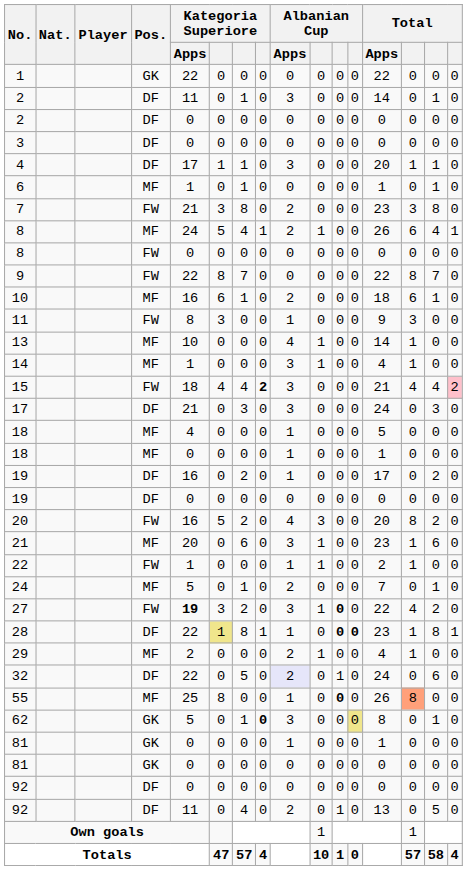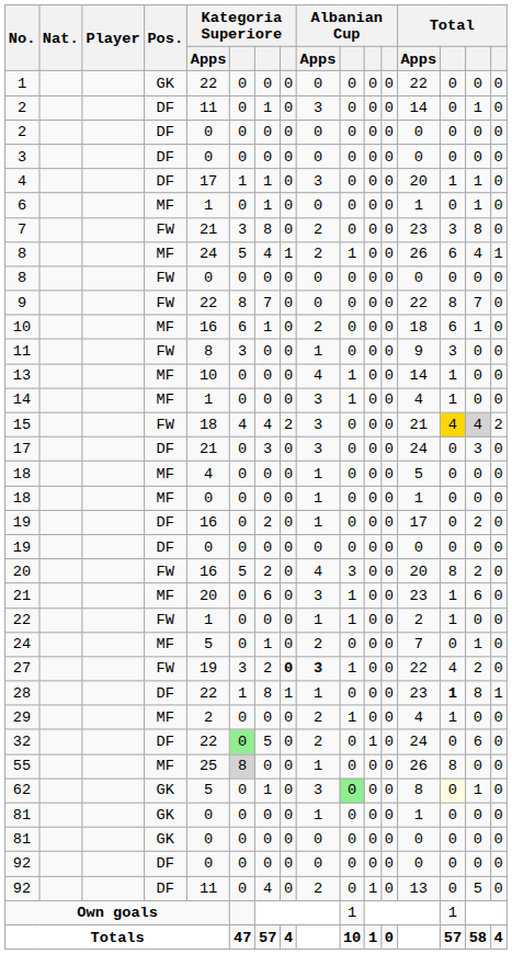 <table class="wikitable sortable alternance" style="text-align:center;width:70%">
 <tr>
 <th rowspan="2" style="width:12px">No.</th>
 <th rowspan="2" style="width:12px">Nat.</th>
 <th rowspan="2" scope="col" style="width:350px">Player</th>
 <th rowspan="2" style="width:12px">Pos.</th>
 <th colspan="4">Kategoria Superiore</th>
 <th colspan="4">Albanian Cup</th>
 <th colspan="4">Total</th>
 </tr>
 <tr style="text-align:center">
 <th width=40>Apps</th>
 <th width=40></th>
 <th width=40></th>
 <th width=40></th>
 <th width=40>Apps</th>
 <th width=40></th>
 <th width=40></th>
 <th width=40></th>
 <th width=40>Apps</th>
 <th width=40></th>
 <th width=40></th>
 <th width=40></th>
 </tr>
 <tr>
 <td>1</td>
 <td></td>
 <td></td>
 <td>GK</td>
 <td>22</td>
 <td>0</td>
 <td>0</td>
 <td>0</td>
 <td>0</td>
 <td>0</td>
 <td>0</td>
 <td>0</td>
 <td>22</td>
 <td>0</td>
 <td>0</td>
 <td>0</td>
 </tr>
 <tr>
 <td>2</td>
 <td></td>
 <td></td>
 <td>DF</td>
 <td>11</td>
 <td>0</td>
 <td>1</td>
 <td>0</td>
 <td>3</td>
 <td>0</td>
 <td>0</td>
 <td>0</td>
 <td>14</td>
 <td>0</td>
 <td>1</td>
 <td>0</td>
 </tr>
 <tr>
 <td>2</td>
 <td></td>
 <td></td>
 <td>DF</td>
 <td>0</td>
 <td>0</td>
 <td>0</td>
 <td>0</td>
 <td>0</td>
 <td>0</td>
 <td>0</td>
 <td>0</td>
 <td>0</td>
 <td>0</td>
 <td>0</td>
 <td>0</td>
 </tr>
 <tr>
 <td>3</td>
 <td></td>
 <td></td>
 <td>DF</td>
 <td>0</td>
 <td>0</td>
 <td>0</td>
 <td>0</td>
 <td>0</td>
 <td>0</td>
 <td>0</td>
 <td>0</td>
 <td>0</td>
 <td>0</td>
 <td>0</td>
 <td>0</td>
 </tr>
 <tr>
 <td>4</td>
 <td></td>
 <td></td>
 <td>DF</td>
 <td>17</td>
 <td>1</td>
 <td>1</td>
 <td>0</td>
 <td>3</td>
 <td>0</td>
 <td>0</td>
 <td>0</td>
 <td>20</td>
 <td>1</td>
 <td>1</td>
 <td>0</td>
 </tr>
 <tr>
 <td>6</td>
 <td></td>
 <td></td>
 <td>MF</td>
 <td>1</td>
 <td>0</td>
 <td>1</td>
 <td>0</td>
 <td>0</td>
 <td>0</td>
 <td>0</td>
 <td>0</td>
 <td>1</td>
 <td>0</td>
 <td>1</td>
 <td>0</td>
 </tr>
 <tr>
 <td>7</td>
 <td></td>
 <td></td>
 <td>FW</td>
 <td>21</td>
 <td>3</td>
 <td>8</td>
 <td>0</td>
 <td>2</td>
 <td>0</td>
 <td>0</td>
 <td>0</td>
 <td>23</td>
 <td>3</td>
 <td>8</td>
 <td>0</td>
 </tr>
 <tr>
 <td>8</td>
 <td></td>
 <td></td>
 <td>MF</td>
 <td>24</td>
 <td>5</td>
 <td>4</td>
 <td>1</td>
 <td>2</td>
 <td>1</td>
 <td>0</td>
 <td>0</td>
 <td>26</td>
 <td>6</td>
 <td>4</td>
 <td>1</td>
 </tr>
 <tr>
 <td>8</td>
 <td></td>
 <td></td>
 <td>FW</td>
 <td>0</td>
 <td>0</td>
 <td>0</td>
 <td>0</td>
 <td>0</td>
 <td>0</td>
 <td>0</td>
 <td>0</td>
 <td>0</td>
 <td>0</td>
 <td>0</td>
 <td>0</td>
 </tr>
 <tr>
 <td>9</td>
 <td></td>
 <td></td>
 <td>FW</td>
 <td>22</td>
 <td>8</td>
 <td>7</td>
 <td>0</td>
 <td>0</td>
 <td>0</td>
 <td>0</td>
 <td>0</td>
 <td>22</td>
 <td>8</td>
 <td>7</td>
 <td>0</td>
 </tr>
 <tr>
 <td>10</td>
 <td></td>
 <td></td>
 <td>MF</td>
 <td>16</td>
 <td>6</td>
 <td>1</td>
 <td>0</td>
 <td>2</td>
 <td>0</td>
 <td>0</td>
 <td>0</td>
 <td>18</td>
 <td>6</td>
 <td>1</td>
 <td>0</td>
 </tr>
 <tr>
 <td>11</td>
 <td></td>
 <td></td>
 <td>FW</td>
 <td>8</td>
 <td>3</td>
 <td>0</td>
 <td>0</td>
 <td>1</td>
 <td>0</td>
 <td>0</td>
 <td>0</td>
 <td>9</td>
 <td>3</td>
 <td>0</td>
 <td>0</td>
 </tr>
 <tr>
 <td>13</td>
 <td></td>
 <td></td>
 <td>MF</td>
 <td>10</td>
 <td>0</td>
 <td>0</td>
 <td>0</td>
 <td>4</td>
 <td>1</td>
 <td>0</td>
 <td>0</td>
 <td>14</td>
 <td>1</td>
 <td>0</td>
 <td>0</td>
 </tr>
 <tr>
 <td>14</td>
 <td></td>
 <td></td>
 <td>MF</td>
 <td>1</td>
 <td>0</td>
 <td>0</td>
 <td>0</td>
 <td>3</td>
 <td>1</td>
 <td>0</td>
 <td>0</td>
 <td>4</td>
 <td>1</td>
 <td>0</td>
 <td>0</td>
 </tr>
 <tr>
 <td>15</td>
 <td></td>
 <td></td>
 <td>FW</td>
 <td>18</td>
 <td>4</td>
 <td>4</td>
-<td><strong>2</strong></td>
+<td>2</td>
 <td>3</td>
 <td>0</td>
 <td>0</td>
 <td>0</td>
 <td>21</td>
-<td>4</td>
-<td>4</td>
-<td style="background: pink;">2</td>
+<td style="background: gold;">4</td>
+<td style="background: lightgrey;">4</td>
+<td>2</td>
 </tr>
 <tr>
 <td>17</td>
 <td></td>
 <td></td>
 <td>DF</td>
 <td>21</td>
 <td>0</td>
 <td>3</td>
 <td>0</td>
 <td>3</td>
 <td>0</td>
 <td>0</td>
 <td>0</td>
 <td>24</td>
 <td>0</td>
 <td>3</td>
 <td>0</td>
 </tr>
 <tr>
 <td>18</td>
 <td></td>
 <td></td>
 <td>MF</td>
 <td>4</td>
 <td>0</td>
 <td>0</td>
 <td>0</td>
 <td>1</td>
 <td>0</td>
 <td>0</td>
 <td>0</td>
 <td>5</td>
 <td>0</td>
 <td>0</td>
 <td>0</td>
 </tr>
 <tr>
 <td>18</td>
 <td></td>
 <td></td>
 <td>MF</td>
 <td>0</td>
 <td>0</td>
 <td>0</td>
 <td>0</td>
 <td>1</td>
 <td>0</td>
 <td>0</td>
 <td>0</td>
 <td>1</td>
 <td>0</td>
 <td>0</td>
 <td>0</td>
 </tr>
 <tr>
 <td>19</td>
 <td></td>
 <td></td>
 <td>DF</td>
 <td>16</td>
 <td>0</td>
 <td>2</td>
 <td>0</td>
 <td>1</td>
 <td>0</td>
 <td>0</td>
 <td>0</td>
 <td>17</td>
 <td>0</td>
 <td>2</td>
 <td>0</td>
 </tr>
 <tr>
 <td>19</td>
 <td></td>
 <td></td>
 <td>DF</td>
 <td>0</td>
 <td>0</td>
 <td>0</td>
 <td>0</td>
 <td>0</td>
 <td>0</td>
 <td>0</td>
 <td>0</td>
 <td>0</td>
 <td>0</td>
 <td>0</td>
 <td>0</td>
 </tr>
 <tr>
 <td>20</td>
 <td></td>
 <td></td>
 <td>FW</td>
 <td>16</td>
 <td>5</td>
 <td>2</td>
 <td>0</td>
 <td>4</td>
 <td>3</td>
 <td>0</td>
 <td>0</td>
 <td>20</td>
 <td>8</td>
 <td>2</td>
 <td>0</td>
 </tr>
 <tr>
 <td>21</td>
 <td></td>
 <td></td>
 <td>MF</td>
 <td>20</td>
 <td>0</td>
 <td>6</td>
 <td>0</td>
 <td>3</td>
 <td>1</td>
 <td>0</td>
 <td>0</td>
 <td>23</td>
 <td>1</td>
 <td>6</td>
 <td>0</td>
 </tr>
 <tr>
 <td>22</td>
 <td></td>
 <td></td>
 <td>FW</td>
 <td>1</td>
 <td>0</td>
 <td>0</td>
 <td>0</td>
 <td>1</td>
 <td>1</td>
 <td>0</td>
 <td>0</td>
 <td>2</td>
 <td>1</td>
 <td>0</td>
 <td>0</td>
 </tr>
 <tr>
 <td>24</td>
 <td></td>
 <td></td>
 <td>MF</td>
 <td>5</td>
 <td>0</td>
 <td>1</td>
 <td>0</td>
 <td>2</td>
 <td>0</td>
 <td>0</td>
 <td>0</td>
 <td>7</td>
 <td>0</td>
 <td>1</td>
 <td>0</td>
 </tr>
 <tr>
 <td>27</td>
 <td></td>
 <td></td>
 <td>FW</td>
-<td><strong>19</strong></td>
+<td>19</td>
 <td>3</td>
 <td>2</td>
+<td><strong>0</strong></td>
+<td><strong>3</strong></td>
+<td>1</td>
 <td>0</td>
-<td>3</td>
-<td>1</td>
-<td><strong>0</strong></td>
 <td>0</td>
 <td>22</td>
 <td>4</td>
 <td>2</td>
 <td>0</td>
 </tr>
 <tr>
 <td>28</td>
 <td></td>
 <td></td>
 <td>DF</td>
 <td>22</td>
-<td style="background: khaki;">1</td>
+<td>1</td>
 <td>8</td>
 <td>1</td>
 <td>1</td>
 <td>0</td>
-<td><strong>0</strong></td>
-<td><strong>0</strong></td>
+<td>0</td>
+<td>0</td>
 <td>23</td>
-<td>1</td>
+<td><strong>1</strong></td>
 <td>8</td>
 <td>1</td>
 </tr>
 <tr>
 <td>29</td>
 <td></td>
 <td></td>
 <td>MF</td>
 <td>2</td>
 <td>0</td>
 <td>0</td>
 <td>0</td>
 <td>2</td>
 <td>1</td>
 <td>0</td>
 <td>0</td>
 <td>4</td>
 <td>1</td>
 <td>0</td>
 <td>0</td>
 </tr>
 <tr>
 <td>32</td>
 <td></td>
 <td></td>
 <td>DF</td>
 <td>22</td>
-<td>0</td>
+<td style="background: lightgreen;">0</td>
 <td>5</td>
 <td>0</td>
-<td style="background: lavender;">2</td>
+<td>2</td>
 <td>0</td>
 <td>1</td>
 <td>0</td>
 <td>24</td>
 <td>0</td>
 <td>6</td>
 <td>0</td>
 </tr>
 <tr>
 <td>55</td>
 <td></td>
 <td></td>
 <td>MF</td>
 <td>25</td>
-<td>8</td>
+<td style="background: lightgrey;">8</td>
 <td>0</td>
 <td>0</td>
 <td>1</td>
 <td>0</td>
-<td><strong>0</strong></td>
+<td>0</td>
 <td>0</td>
 <td>26</td>
-<td style="background: lightsalmon;">8</td>
+<td>8</td>
 <td>0</td>
 <td>0</td>
 </tr>
 <tr>
 <td>62</td>
 <td></td>
 <td></td>
 <td>GK</td>
 <td>5</td>
 <td>0</td>
 <td>1</td>
-<td><strong>0</strong></td>
+<td>0</td>
 <td>3</td>
+<td style="background: lightgreen;">0</td>
 <td>0</td>
 <td>0</td>
-<td style="background: khaki;">0</td>
 <td>8</td>
-<td>0</td>
+<td style="background: lightyellow;">0</td>
 <td>1</td>
 <td>0</td>
 </tr>
 <tr>
 <td>81</td>
 <td></td>
 <td></td>
 <td>GK</td>
 <td>0</td>
 <td>0</td>
 <td>0</td>
 <td>0</td>
 <td>1</td>
 <td>0</td>
 <td>0</td>
 <td>0</td>
 <td>1</td>
 <td>0</td>
 <td>0</td>
 <td>0</td>
 </tr>
 <tr>
 <td>81</td>
 <td></td>
 <td></td>
 <td>GK</td>
 <td>0</td>
 <td>0</td>
 <td>0</td>
 <td>0</td>
 <td>0</td>
 <td>0</td>
 <td>0</td>
 <td>0</td>
 <td>0</td>
 <td>0</td>
 <td>0</td>
 <td>0</td>
 </tr>
 <tr>
 <td>92</td>
 <td></td>
 <td></td>
 <td>DF</td>
 <td>0</td>
 <td>0</td>
 <td>0</td>
 <td>0</td>
 <td>0</td>
 <td>0</td>
 <td>0</td>
 <td>0</td>
 <td>0</td>
 <td>0</td>
 <td>0</td>
 <td>0</td>
 </tr>
 <tr>
 <td>92</td>
 <td></td>
 <td></td>
 <td>DF</td>
 <td>11</td>
 <td>0</td>
 <td>4</td>
 <td>0</td>
 <td>2</td>
 <td>0</td>
 <td>1</td>
 <td>0</td>
 <td>13</td>
 <td>0</td>
 <td>5</td>
 <td>0</td>
 </tr>
 <tr class="sortbottom">
 <td colspan="5"><strong>Own goals</strong></td>
 <td></td>
 <td colspan="3" style="background:white;text-align:center"></td>
 <td>1</td>
 <td colspan="3" style="background:white;text-align:center"></td>
 <td>1</td>
 <td colspan="2" style="background:white;text-align:center"></td>
 </tr>
 <tr class="sortbottom">
 <td colspan="5" style="background:white;text-align:center"><strong>Totals</strong></td>
 <td><strong>47</strong></td>
 <td><strong>57</strong></td>
 <td><strong>4</strong></td>
 <td rowspan="3" style="background:white;text-align:center"></td>
 <td><strong>10</strong></td>
 <td><strong>1</strong></td>
 <td><strong>0</strong></td>
 <td rowspan="3" style="background:white;text-align:center"></td>
 <td><strong>57</strong></td>
 <td><strong>58</strong></td>
 <td><strong>4</strong></td>
 </tr>
 </table>
